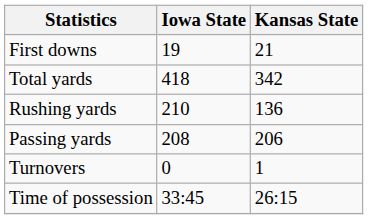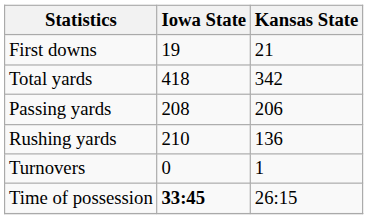 <table class="wikitable" style="float: left;">
 <tr>
 <th>Statistics</th>
 <th>Iowa State</th>
 <th>Kansas State</th>
 </tr>
 <tr>
 <td>First downs</td>
 <td>19</td>
 <td>21</td>
 </tr>
 <tr>
 <td>Total yards</td>
 <td>418</td>
 <td>342</td>
 </tr>
 <tr>
+<td>Passing yards</td>
+<td>208</td>
+<td>206</td>
+</tr>
+<tr>
 <td>Rushing yards</td>
 <td>210</td>
 <td>136</td>
-</tr>
-<tr>
-<td>Passing yards</td>
-<td>208</td>
-<td>206</td>
 </tr>
 <tr>
 <td>Turnovers</td>
 <td>0</td>
 <td>1</td>
 </tr>
 <tr>
 <td>Time of possession</td>
-<td>33:45</td>
+<td><strong>33:45</strong></td>
 <td>26:15</td>
 </tr>
 <tr>
 </tr>
 </table>
